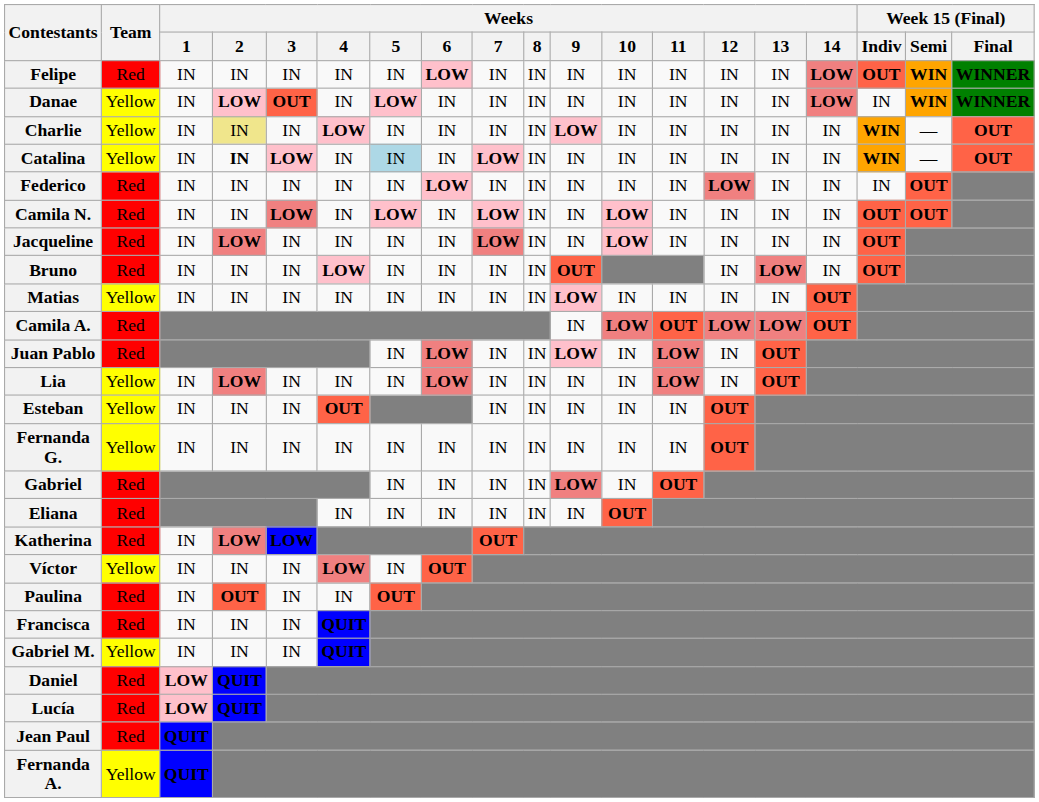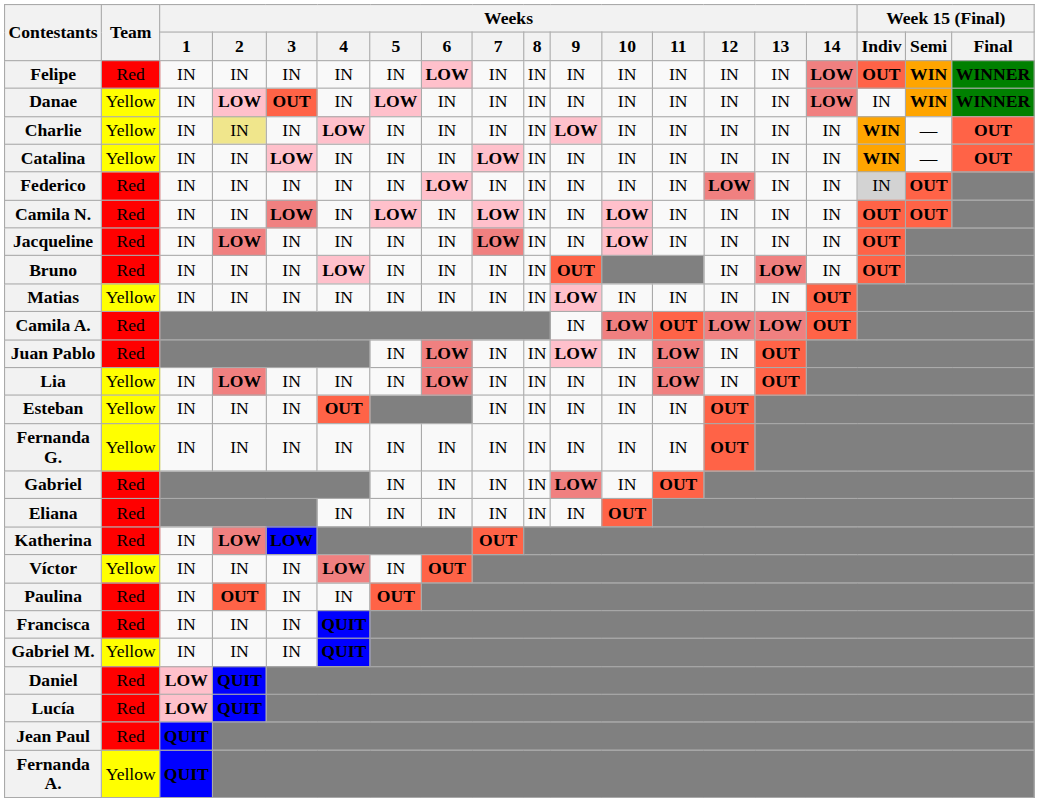 <table class="wikitable" style="text-align:center">
 <tr>
 <th rowspan=2>Contestants</th>
 <th rowspan=2>Team</th>
 <th colspan="14">Weeks</th>
 <th colspan="3">Week 15 (Final)</th>
 </tr>
 <tr>
 <th width="10px">1</th>
 <th width="20px">2</th>
 <th width="20px">3</th>
 <th width="20px">4</th>
 <th width="20px">5</th>
 <th width="20px">6</th>
 <th width="20px">7</th>
 <th width="20px">8</th>
 <th width="20px">9</th>
 <th width="20px">10</th>
 <th width="20px">11</th>
 <th width="20px">12</th>
 <th width="20px">13</th>
 <th width="20px">14</th>
 <th width="20px">Indiv</th>
 <th width="20px">Semi</th>
 <th width="20px">Final</th>
 </tr>
 <tr>
 <th>Felipe</th>
 <td bgcolor="red">Red</td>
 <td>IN</td>
 <td>IN</td>
 <td>IN</td>
 <td>IN</td>
 <td>IN</td>
 <td bgcolor="pink"><strong>LOW</strong></td>
 <td>IN</td>
 <td>IN</td>
 <td>IN</td>
 <td>IN</td>
 <td>IN</td>
 <td>IN</td>
 <td>IN</td>
 <td bgcolor="LightCoral"><strong>LOW</strong></td>
 <td bgcolor="tomato"><strong>OUT</strong></td>
 <td bgcolor="Orange"><strong>WIN</strong></td>
 <td bgcolor="Green"><span><strong>WINNER</strong></span></td>
 </tr>
 <tr>
 <th>Danae</th>
 <td bgcolor="yellow">Yellow</td>
 <td>IN</td>
 <td bgcolor="pink"><strong>LOW</strong></td>
 <td bgcolor="tomato"><strong>OUT</strong></td>
 <td>IN</td>
 <td bgcolor="pink"><strong>LOW</strong></td>
 <td>IN</td>
 <td>IN</td>
 <td>IN</td>
 <td>IN</td>
 <td>IN</td>
 <td>IN</td>
 <td>IN</td>
 <td>IN</td>
 <td bgcolor="LightCoral"><strong>LOW</strong></td>
 <td>IN</td>
 <td bgcolor="Orange"><strong>WIN</strong></td>
 <td bgcolor="Green"><span><strong>WINNER</strong></span></td>
 </tr>
 <tr>
 <th>Charlie</th>
 <td bgcolor="yellow">Yellow</td>
 <td>IN</td>
 <td style="background: khaki;">IN</td>
 <td>IN</td>
 <td bgcolor="pink"><strong>LOW</strong></td>
 <td>IN</td>
 <td>IN</td>
 <td>IN</td>
 <td>IN</td>
 <td bgcolor="pink"><strong>LOW</strong></td>
 <td>IN</td>
 <td>IN</td>
 <td>IN</td>
 <td>IN</td>
 <td>IN</td>
 <td bgcolor="Orange"><strong>WIN</strong></td>
 <td>—</td>
 <td bgcolor="tomato"><strong>OUT</strong></td>
 </tr>
 <tr>
 <th>Catalina</th>
 <td bgcolor="yellow">Yellow</td>
 <td>IN</td>
-<td><strong>IN</strong></td>
+<td>IN</td>
 <td bgcolor="pink"><strong>LOW</strong></td>
 <td>IN</td>
-<td style="background: lightblue;">IN</td>
+<td>IN</td>
 <td>IN</td>
 <td bgcolor="pink"><strong>LOW</strong></td>
 <td>IN</td>
 <td>IN</td>
 <td>IN</td>
 <td>IN</td>
 <td>IN</td>
 <td>IN</td>
 <td>IN</td>
 <td bgcolor="Orange"><strong>WIN</strong></td>
 <td>—</td>
 <td bgcolor="tomato"><strong>OUT</strong></td>
 </tr>
 <tr>
 <th>Federico</th>
 <td bgcolor="red">Red</td>
 <td>IN</td>
 <td>IN</td>
 <td>IN</td>
 <td>IN</td>
 <td>IN</td>
 <td bgcolor="pink"><strong>LOW</strong></td>
 <td>IN</td>
 <td>IN</td>
 <td>IN</td>
 <td>IN</td>
 <td>IN</td>
 <td bgcolor="LightCoral"><strong>LOW</strong></td>
 <td>IN</td>
 <td>IN</td>
-<td>IN</td>
+<td style="background: lightgrey;">IN</td>
 <td bgcolor="tomato"><strong>OUT</strong></td>
 <td colspan="1" bgcolor=gray></td>
 </tr>
 <tr>
 <th>Camila N.</th>
 <td bgcolor="red">Red</td>
 <td>IN</td>
 <td>IN</td>
 <td bgcolor="LightCoral"><strong>LOW</strong></td>
 <td>IN</td>
 <td bgcolor="pink"><strong>LOW</strong></td>
 <td>IN</td>
 <td bgcolor="pink"><strong>LOW</strong></td>
 <td>IN</td>
 <td>IN</td>
 <td bgcolor="pink"><strong>LOW</strong></td>
 <td>IN</td>
 <td>IN</td>
 <td>IN</td>
 <td>IN</td>
 <td bgcolor="tomato"><strong>OUT</strong></td>
 <td bgcolor="tomato"><strong>OUT</strong></td>
 <td colspan="1" bgcolor=gray></td>
 </tr>
 <tr>
 <th>Jacqueline</th>
 <td bgcolor="red">Red</td>
 <td>IN</td>
 <td bgcolor="LightCoral"><strong>LOW</strong></td>
 <td>IN</td>
 <td>IN</td>
 <td>IN</td>
 <td>IN</td>
 <td bgcolor="LightCoral"><strong>LOW</strong></td>
 <td>IN</td>
 <td>IN</td>
 <td bgcolor="pink"><strong>LOW</strong></td>
 <td>IN</td>
 <td>IN</td>
 <td>IN</td>
 <td>IN</td>
 <td bgcolor="tomato"><strong>OUT</strong></td>
 <td colspan="2" bgcolor=gray></td>
 </tr>
 <tr>
 <th>Bruno</th>
 <td bgcolor="red">Red</td>
 <td>IN</td>
 <td>IN</td>
 <td>IN</td>
 <td bgcolor="pink"><strong>LOW</strong></td>
 <td>IN</td>
 <td>IN</td>
 <td>IN</td>
 <td>IN</td>
 <td bgcolor="tomato"><strong>OUT</strong></td>
 <td colspan="2" bgcolor=gray></td>
 <td>IN</td>
 <td bgcolor="LightCoral"><strong>LOW</strong></td>
 <td>IN</td>
 <td bgcolor="tomato"><strong>OUT</strong></td>
 <td colspan="2" bgcolor=gray></td>
 </tr>
 <tr>
 <th>Matias</th>
 <td bgcolor="yellow">Yellow</td>
 <td>IN</td>
 <td>IN</td>
 <td>IN</td>
 <td>IN</td>
 <td>IN</td>
 <td>IN</td>
 <td>IN</td>
 <td>IN</td>
 <td bgcolor="pink"><strong>LOW</strong></td>
 <td>IN</td>
 <td>IN</td>
 <td>IN</td>
 <td>IN</td>
 <td bgcolor="tomato"><strong>OUT</strong></td>
 <td colspan="3" bgcolor=gray></td>
 </tr>
 <tr>
 <th>Camila A.</th>
 <td bgcolor="red">Red</td>
 <td colspan="8" bgcolor=gray></td>
 <td>IN</td>
 <td bgcolor="LightCoral"><strong>LOW</strong></td>
 <td bgcolor="tomato"><strong>OUT</strong></td>
 <td bgcolor="LightCoral"><strong>LOW</strong></td>
 <td bgcolor="LightCoral"><strong>LOW</strong></td>
 <td bgcolor="tomato"><strong>OUT</strong></td>
 <td colspan="3" bgcolor=gray></td>
 </tr>
 <tr>
 <th>Juan Pablo</th>
 <td bgcolor="red">Red</td>
 <td colspan="4" bgcolor=gray></td>
 <td>IN</td>
 <td bgcolor="LightCoral"><strong>LOW</strong></td>
 <td>IN</td>
 <td>IN</td>
 <td bgcolor="pink"><strong>LOW</strong></td>
 <td>IN</td>
 <td bgcolor="LightCoral"><strong>LOW</strong></td>
 <td>IN</td>
 <td bgcolor="tomato"><strong>OUT</strong></td>
 <td colspan="5" bgcolor=gray></td>
 </tr>
 <tr>
 <th>Lia</th>
 <td bgcolor="yellow">Yellow</td>
 <td>IN</td>
 <td bgcolor="LightCoral"><strong>LOW</strong></td>
 <td>IN</td>
 <td>IN</td>
 <td>IN</td>
 <td bgcolor="LightCoral"><strong>LOW</strong></td>
 <td>IN</td>
 <td>IN</td>
 <td>IN</td>
 <td>IN</td>
 <td bgcolor="LightCoral"><strong>LOW</strong></td>
 <td>IN</td>
 <td bgcolor="tomato"><strong>OUT</strong></td>
 <td colspan="4" bgcolor=gray></td>
 </tr>
 <tr>
 <th>Esteban</th>
 <td bgcolor="yellow">Yellow</td>
 <td>IN</td>
 <td>IN</td>
 <td>IN</td>
 <td bgcolor="tomato"><strong>OUT</strong></td>
 <td colspan="2" bgcolor=gray></td>
 <td>IN</td>
 <td>IN</td>
 <td>IN</td>
 <td>IN</td>
 <td>IN</td>
 <td bgcolor="tomato"><strong>OUT</strong></td>
 <td colspan="5" bgcolor=gray></td>
 </tr>
 <tr>
 <th>Fernanda G.</th>
 <td bgcolor="yellow">Yellow</td>
 <td>IN</td>
 <td>IN</td>
 <td>IN</td>
 <td>IN</td>
 <td>IN</td>
 <td>IN</td>
 <td>IN</td>
 <td>IN</td>
 <td>IN</td>
 <td>IN</td>
 <td>IN</td>
 <td bgcolor="tomato"><strong>OUT</strong></td>
 <td colspan="5" bgcolor=gray></td>
 </tr>
 <tr>
 <th>Gabriel</th>
 <td bgcolor="red">Red</td>
 <td colspan="4" bgcolor=gray></td>
 <td>IN</td>
 <td>IN</td>
 <td>IN</td>
 <td>IN</td>
 <td bgcolor="LightCoral"><strong>LOW</strong></td>
 <td>IN</td>
 <td bgcolor="tomato"><strong>OUT</strong></td>
 <td colspan="6" bgcolor=gray></td>
 </tr>
 <tr>
 <th>Eliana</th>
 <td bgcolor="red">Red</td>
 <td colspan="3" bgcolor=gray></td>
 <td>IN</td>
 <td>IN</td>
 <td>IN</td>
 <td>IN</td>
 <td>IN</td>
 <td>IN</td>
 <td bgcolor="tomato"><strong>OUT</strong></td>
 <td colspan="7" bgcolor=gray></td>
 </tr>
 <tr>
 <th>Katherina</th>
 <td bgcolor="red">Red</td>
 <td>IN</td>
 <td bgcolor="LightCoral"><strong>LOW</strong></td>
 <td bgcolor="BLUE"><span> <strong>LOW</strong></span></td>
 <td colspan="3" bgcolor=gray></td>
 <td bgcolor="tomato"><strong>OUT</strong></td>
 <td colspan="11" bgcolor=gray></td>
 </tr>
 <tr>
 <th>Víctor</th>
 <td bgcolor="yellow">Yellow</td>
 <td>IN</td>
 <td>IN</td>
 <td>IN</td>
 <td bgcolor="LightCoral"><strong>LOW</strong></td>
 <td>IN</td>
 <td bgcolor="tomato"><strong>OUT</strong></td>
 <td colspan="11" bgcolor=gray></td>
 </tr>
 <tr>
 <th>Paulina</th>
 <td bgcolor="red">Red</td>
 <td>IN</td>
 <td bgcolor="tomato"><strong>OUT</strong></td>
 <td>IN</td>
 <td>IN</td>
 <td bgcolor="tomato"><strong>OUT</strong></td>
 <td colspan="12" bgcolor=gray></td>
 </tr>
 <tr>
 <th>Francisca</th>
 <td bgcolor="red">Red</td>
 <td>IN</td>
 <td>IN</td>
 <td>IN</td>
 <td bgcolor="BLUE"><span> <strong>QUIT</strong></span></td>
 <td colspan="13" bgcolor=gray></td>
 </tr>
 <tr>
 <th>Gabriel M.</th>
 <td bgcolor="yellow">Yellow</td>
 <td>IN</td>
 <td>IN</td>
 <td>IN</td>
 <td bgcolor="BLUE"><span> <strong>QUIT</strong></span></td>
 <td colspan="13" bgcolor=gray></td>
 </tr>
 <tr>
 <th>Daniel</th>
 <td bgcolor="red">Red</td>
 <td bgcolor="pink"><strong>LOW</strong></td>
 <td bgcolor="BLUE"><span> <strong>QUIT</strong></span></td>
 <td colspan="15" bgcolor=gray></td>
 </tr>
 <tr>
 <th>Lucía</th>
 <td bgcolor="red">Red</td>
 <td bgcolor="pink"><strong>LOW</strong></td>
 <td bgcolor="BLUE"><span> <strong>QUIT</strong></span></td>
 <td colspan="15" bgcolor=gray></td>
 </tr>
 <tr>
 <th>Jean Paul</th>
 <td bgcolor="red">Red</td>
 <td bgcolor="BLUE"><span> <strong>QUIT</strong></span></td>
 <td colspan="16" bgcolor=gray></td>
 </tr>
 <tr>
 <th>Fernanda A.</th>
 <td bgcolor="yellow">Yellow</td>
 <td bgcolor="BLUE"><span> <strong>QUIT</strong></span></td>
 <td colspan="16" bgcolor=gray></td>
 </tr>
 <tr>
 </tr>
 </table>
